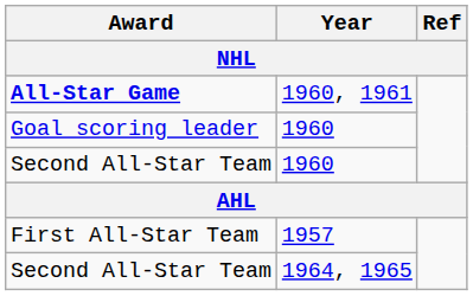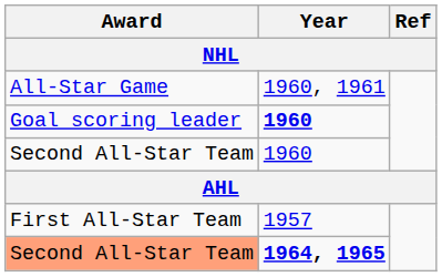 <table class="wikitable">
 <tr>
 <th>Award</th>
 <th>Year</th>
 <th>Ref</th>
 </tr>
 <tr>
 <th colspan="3"><a href='#'>NHL</a></th>
 </tr>
 <tr>
-<td><strong><a href='#'>All-Star Game</a></strong></td>
+<td><a href='#'>All-Star Game</a></td>
 <td><a href='#'>1960</a>, <a href='#'>1961</a></td>
 <td rowspan="3"></td>
 </tr>
 <tr>
 <td><a href='#'>Goal scoring leader</a></td>
-<td><a href='#'>1960</a></td>
+<td><strong><a href='#'>1960</a></strong></td>
 </tr>
 <tr>
 <td>Second All-Star Team</td>
 <td><a href='#'>1960</a></td>
 </tr>
 <tr>
 <th colspan="3"><a href='#'>AHL</a></th>
 </tr>
 <tr>
 <td>First All-Star Team</td>
 <td><a href='#'>1957</a></td>
 <td rowspan="2"></td>
 </tr>
 <tr>
-<td>Second All-Star Team</td>
-<td><a href='#'>1964</a>, <a href='#'>1965</a></td>
+<td style="background: lightsalmon;">Second All-Star Team</td>
+<td><strong><a href='#'>1964</a>, <a href='#'>1965</a></strong></td>
 </tr>
 </table>
